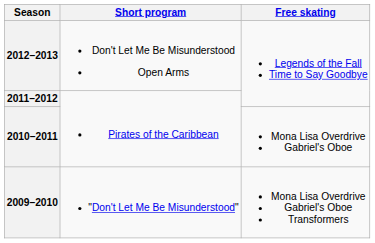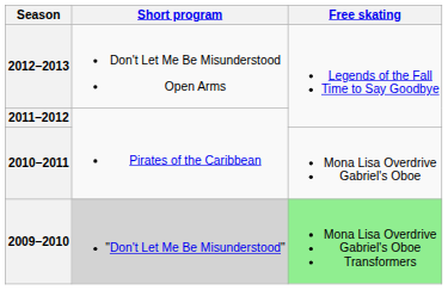 <table class="wikitable"  style="text-align:center">
 <tr>
 <th>Season</th>
 <th><a href='#'>Short program</a></th>
 <th><a href='#'>Free skating</a></th>
 </tr>
 <tr>
 <th>2012–2013 <br> </th>
 <td><br><ul><li>Don't Let Me Be Misunderstood <br></li></ul><ul><li>Open Arms</li></ul></td>
 <td rowspan=2><br><ul><li><a href='#'>Legends of the Fall</a> <br></li><li><a href='#'>Time to Say Goodbye</a> <br></li></ul></td>
 </tr>
 <tr>
 <th>2011–2012 <br> </th>
 <td rowspan=2><br><ul><li><a href='#'>Pirates of the Caribbean</a> <br></li></ul></td>
 </tr>
 <tr>
 <th>2010–2011 <br></th>
 <td><br><ul><li>Mona Lisa Overdrive <br></li><li>Gabriel's Oboe <br></li></ul></td>
 </tr>
 <tr>
 <th>2009–2010 <br></th>
-<td><br><ul><li>"<a href='#'>Don't Let Me Be Misunderstood</a>" <br></li></ul></td>
-<td><br><ul><li>Mona Lisa Overdrive <br></li><li>Gabriel's Oboe <br></li><li>Transformers <br></li></ul></td>
+<td style="background: lightgrey;"><br><ul><li>"<a href='#'>Don't Let Me Be Misunderstood</a>" <br></li></ul></td>
+<td style="background: lightgreen;"><br><ul><li>Mona Lisa Overdrive <br></li><li>Gabriel's Oboe <br></li><li>Transformers <br></li></ul></td>
 </tr>
 </table>
